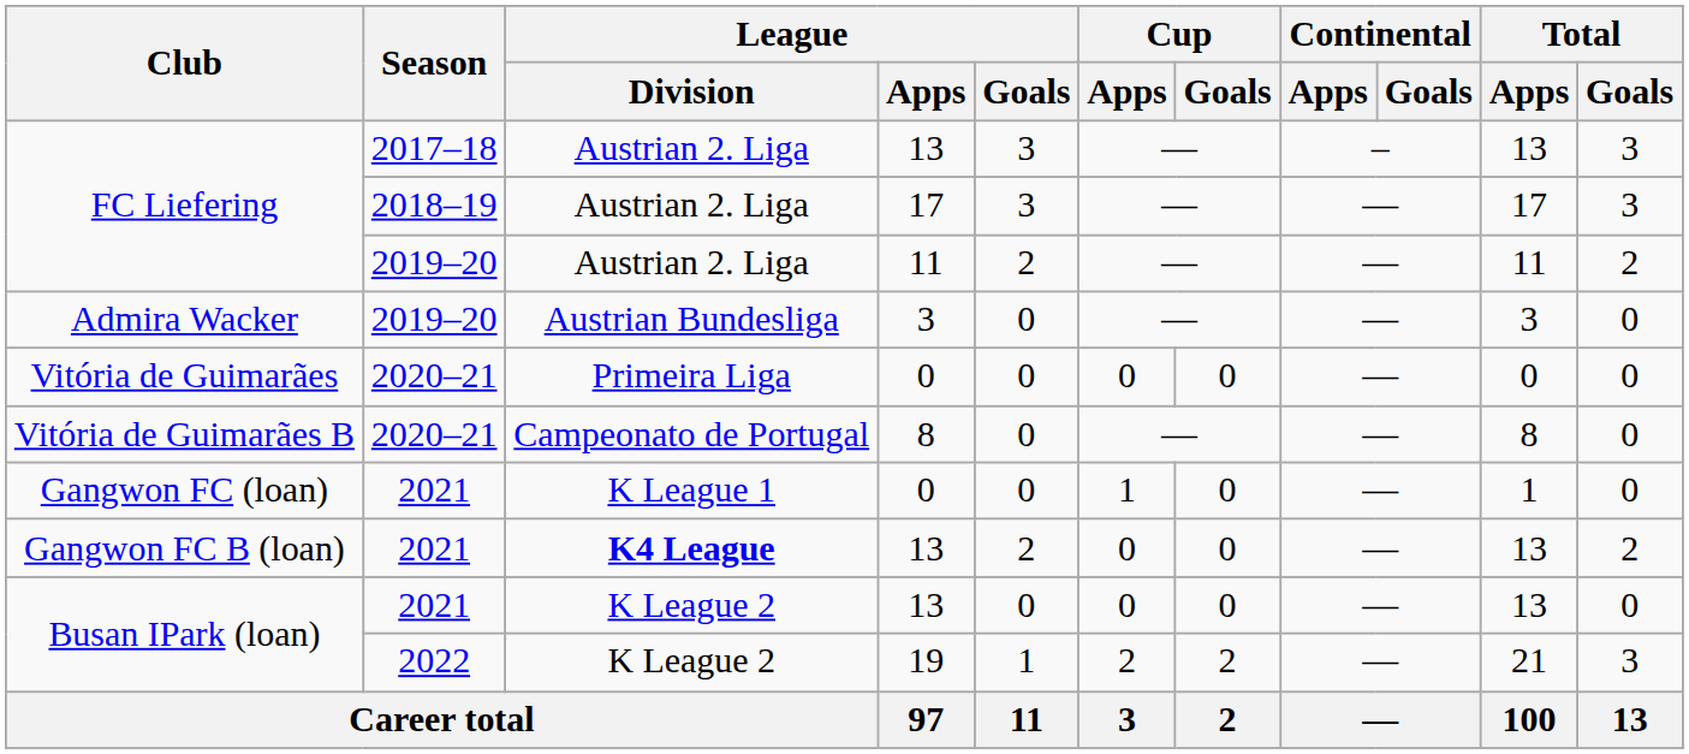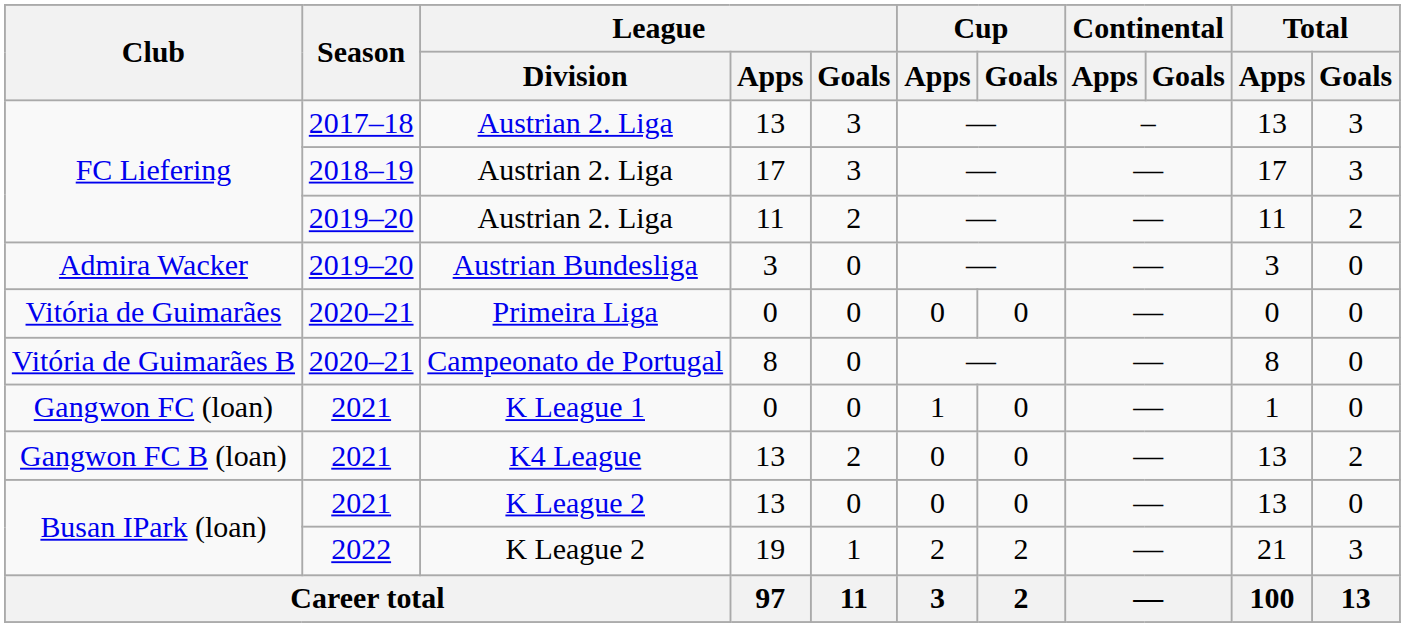 <table class="wikitable" Style="text-align: center">
 <tr>
 <th rowspan="2">Club</th>
 <th rowspan="2">Season</th>
 <th colspan="3">League</th>
 <th colspan="2">Cup</th>
 <th colspan="2">Continental</th>
 <th colspan="2">Total</th>
 </tr>
 <tr>
 <th>Division</th>
 <th>Apps</th>
 <th>Goals</th>
 <th>Apps</th>
 <th>Goals</th>
 <th>Apps</th>
 <th>Goals</th>
 <th>Apps</th>
 <th>Goals</th>
 </tr>
 <tr>
 <td rowspan="3"><a href='#'>FC Liefering</a></td>
 <td><a href='#'>2017–18</a></td>
 <td><a href='#'>Austrian 2. Liga</a></td>
 <td>13</td>
 <td>3</td>
 <td colspan="2">—</td>
 <td colspan="2">–</td>
 <td>13</td>
 <td>3</td>
 </tr>
 <tr>
 <td><a href='#'>2018–19</a></td>
 <td>Austrian 2. Liga</td>
 <td>17</td>
 <td>3</td>
 <td colspan="2">—</td>
 <td colspan="2">—</td>
 <td>17</td>
 <td>3</td>
 </tr>
 <tr>
 <td><a href='#'>2019–20</a></td>
 <td>Austrian 2. Liga</td>
 <td>11</td>
 <td>2</td>
 <td colspan="2">—</td>
 <td colspan="2">—</td>
 <td>11</td>
 <td>2</td>
 </tr>
 <tr>
 <td><a href='#'>Admira Wacker</a></td>
 <td><a href='#'>2019–20</a></td>
 <td><a href='#'>Austrian Bundesliga</a></td>
 <td>3</td>
 <td>0</td>
 <td colspan="2">—</td>
 <td colspan="2">—</td>
 <td>3</td>
 <td>0</td>
 </tr>
 <tr>
 <td><a href='#'>Vitória de Guimarães</a></td>
 <td><a href='#'>2020–21</a></td>
 <td><a href='#'>Primeira Liga</a></td>
 <td>0</td>
 <td>0</td>
 <td>0</td>
 <td>0</td>
 <td colspan="2">—</td>
 <td>0</td>
 <td>0</td>
 </tr>
 <tr>
 <td><a href='#'>Vitória de Guimarães B</a></td>
 <td><a href='#'>2020–21</a></td>
 <td><a href='#'>Campeonato de Portugal</a></td>
 <td>8</td>
 <td>0</td>
 <td colspan="2">—</td>
 <td colspan="2">—</td>
 <td>8</td>
 <td>0</td>
 </tr>
 <tr>
 <td><a href='#'>Gangwon FC</a> (loan)</td>
 <td><a href='#'>2021</a></td>
 <td><a href='#'>K League 1</a></td>
 <td>0</td>
 <td>0</td>
 <td>1</td>
 <td>0</td>
 <td colspan="2">—</td>
 <td>1</td>
 <td>0</td>
 </tr>
 <tr>
 <td><a href='#'>Gangwon FC B</a> (loan)</td>
 <td><a href='#'>2021</a></td>
-<td><strong><a href='#'>K4 League</a></strong></td>
+<td><a href='#'>K4 League</a></td>
 <td>13</td>
 <td>2</td>
 <td>0</td>
 <td>0</td>
 <td colspan="2">—</td>
 <td>13</td>
 <td>2</td>
 </tr>
 <tr>
 <td rowspan="2"><a href='#'>Busan IPark</a> (loan)</td>
 <td><a href='#'>2021</a></td>
 <td><a href='#'>K League 2</a></td>
 <td>13</td>
 <td>0</td>
 <td>0</td>
 <td>0</td>
 <td colspan="2">—</td>
 <td>13</td>
 <td>0</td>
 </tr>
 <tr>
 <td><a href='#'>2022</a></td>
 <td>K League 2</td>
 <td>19</td>
 <td>1</td>
 <td>2</td>
 <td>2</td>
 <td colspan="2">—</td>
 <td>21</td>
 <td>3</td>
 </tr>
 <tr>
 <th colspan="3">Career total</th>
 <th>97</th>
 <th>11</th>
 <th>3</th>
 <th>2</th>
 <th colspan="2">—</th>
 <th>100</th>
 <th>13</th>
 </tr>
 </table>
